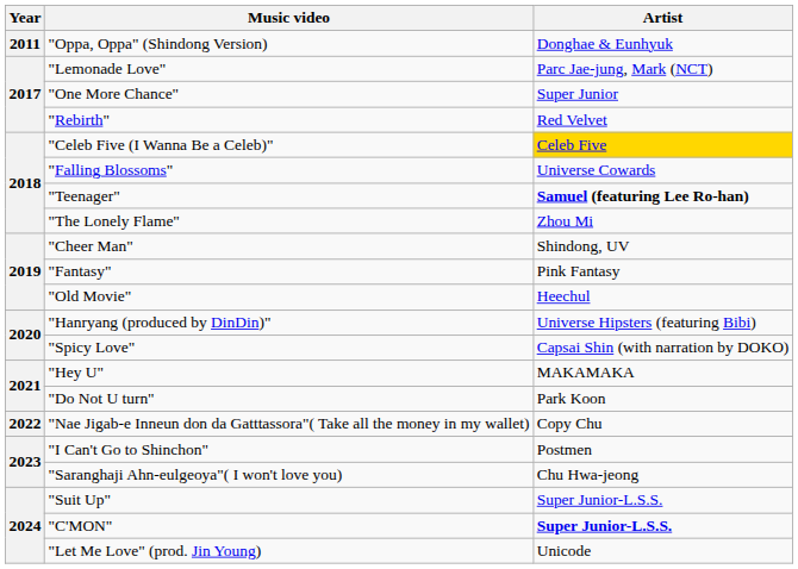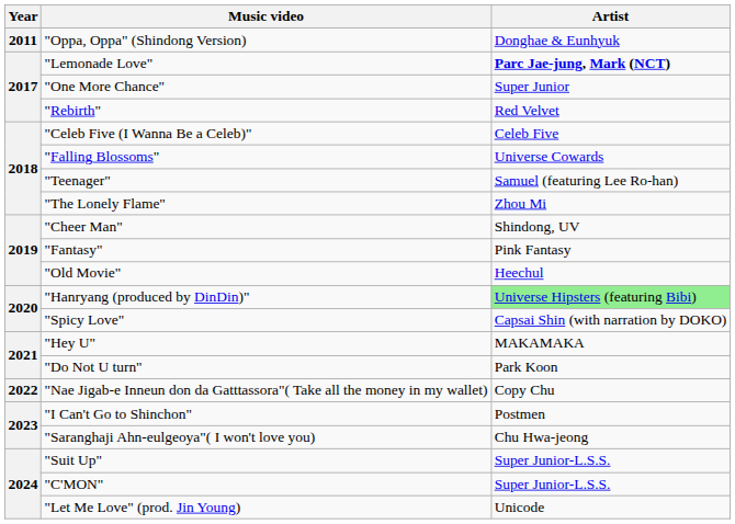 <table class="wikitable plainrowheaders sortable">
 <tr>
 <th>Year</th>
 <th>Music video</th>
 <th>Artist</th>
 </tr>
 <tr>
 <th scope="row">2011</th>
 <td>"Oppa, Oppa" (Shindong Version)</td>
 <td><a href='#'>Donghae & Eunhyuk</a></td>
 </tr>
 <tr>
 <th scope="row" rowspan="3">2017</th>
 <td>"Lemonade Love"</td>
-<td><a href='#'>Parc Jae-jung</a>, <a href='#'>Mark</a> (<a href='#'>NCT</a>)</td>
+<td><strong><a href='#'>Parc Jae-jung</a>, <a href='#'>Mark</a> (<a href='#'>NCT</a>)</strong></td>
 </tr>
 <tr>
 <td>"One More Chance"</td>
 <td><a href='#'>Super Junior</a></td>
 </tr>
 <tr>
 <td>"<a href='#'>Rebirth</a>"</td>
 <td><a href='#'>Red Velvet</a></td>
 </tr>
 <tr>
 <th scope="row" rowspan="4">2018</th>
 <td>"Celeb Five (I Wanna Be a Celeb)"</td>
-<td style="background: gold;"><a href='#'>Celeb Five</a></td>
+<td><a href='#'>Celeb Five</a></td>
 </tr>
 <tr>
 <td>"<a href='#'>Falling Blossoms</a>"</td>
 <td><a href='#'>Universe Cowards</a></td>
 </tr>
 <tr>
 <td>"Teenager"</td>
-<td><strong><a href='#'>Samuel</a> (featuring Lee Ro-han)</strong></td>
+<td><a href='#'>Samuel</a> (featuring Lee Ro-han)</td>
 </tr>
 <tr>
 <td>"The Lonely Flame"</td>
 <td><a href='#'>Zhou Mi</a></td>
 </tr>
 <tr>
 <th scope="row" rowspan="3">2019</th>
 <td>"Cheer Man"</td>
 <td>Shindong, UV</td>
 </tr>
 <tr>
 <td>"Fantasy"</td>
 <td>Pink Fantasy</td>
 </tr>
 <tr>
 <td>"Old Movie"</td>
 <td><a href='#'>Heechul</a></td>
 </tr>
 <tr>
 <th scope="row" rowspan="2">2020</th>
 <td>"Hanryang (produced by <a href='#'>DinDin</a>)"</td>
-<td><a href='#'>Universe Hipsters</a> (featuring <a href='#'>Bibi</a>)</td>
+<td style="background: lightgreen;"><a href='#'>Universe Hipsters</a> (featuring <a href='#'>Bibi</a>)</td>
 </tr>
 <tr>
 <td>"Spicy Love"</td>
 <td><a href='#'>Capsai Shin</a> (with narration by DOKO)</td>
 </tr>
 <tr>
 <th scope="row" rowspan="2">2021</th>
 <td>"Hey U"</td>
 <td>MAKAMAKA</td>
 </tr>
 <tr>
 <td>"Do Not U turn"</td>
 <td>Park Koon</td>
 </tr>
 <tr>
 <th scope="row">2022</th>
 <td>"Nae Jigab-e Inneun don da Gatttassora"( Take all the money in my wallet)</td>
 <td>Copy Chu</td>
 </tr>
 <tr>
 <th scope="row" rowspan="2">2023</th>
 <td>"I Can't Go to Shinchon"</td>
 <td>Postmen</td>
 </tr>
 <tr>
 <td>"Saranghaji Ahn-eulgeoya"( I won't love you)</td>
 <td>Chu Hwa-jeong</td>
 </tr>
 <tr>
 <th scope="row" rowspan="3">2024</th>
 <td>"Suit Up"</td>
 <td><a href='#'>Super Junior-L.S.S.</a></td>
 </tr>
 <tr>
 <td>"C'MON"</td>
-<td><strong><a href='#'>Super Junior-L.S.S.</a></strong></td>
+<td><a href='#'>Super Junior-L.S.S.</a></td>
 </tr>
 <tr>
 <td>"Let Me Love" (prod. <a href='#'>Jin Young</a>)</td>
 <td>Unicode</td>
 </tr>
 </table>
